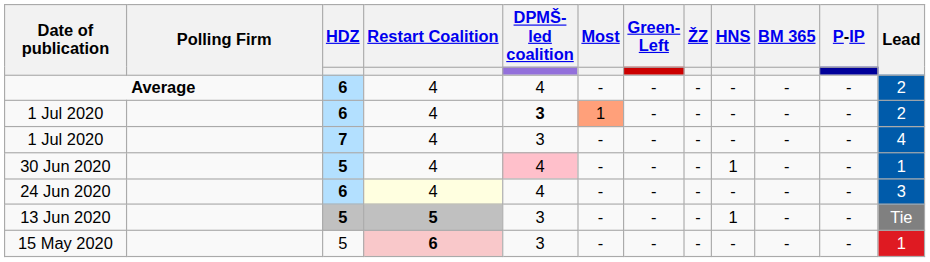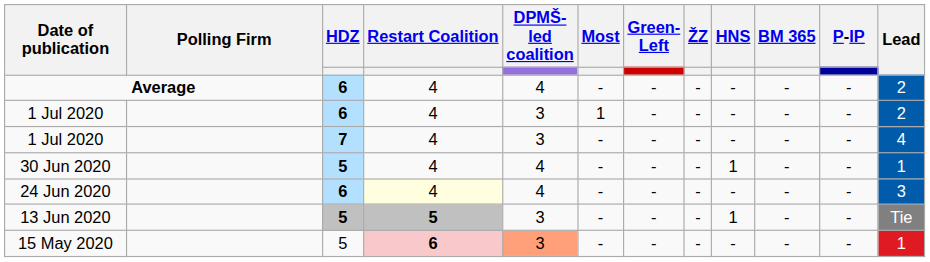 <table class="wikitable sortable" style="text-align:center; font-size:90%; line-height:16px;">
 <tr style="height:42px;">
 <th style="width:100px;" rowspan="2">Date of publication</th>
 <th style="width:165px;" rowspan="2">Polling Firm</th>
 <th class="unsortable"><a href='#'>HDZ</a></th>
 <th class="unsortable"><a href='#'>Restart Coalition</a></th>
 <th class="unsortable"><a href='#'>DPMŠ-led coalition</a></th>
 <th class="unsortable"><a href='#'>Most</a></th>
 <th class="unsortable"><a href='#'>Green-Left</a></th>
 <th class="unsortable"><a href='#'>ŽZ</a></th>
 <th class="unsortable"><a href='#'>HNS</a></th>
 <th class="unsortable"><a href='#'>BM 365</a></th>
 <th class="unsortable"><a href='#'>P</a>-<a href='#'>IP</a></th>
 <th class="unsortable" style="width:20px;" rowspan="2">Lead</th>
 </tr>
 <tr>
 <th class="unsortable" style="color:inherit;background:"></th>
 <th class="unsortable" style="color:inherit;background:"></th>
 <th class="unsortable" style="color:inherit;background:#9370db; width:45px;"></th>
 <th class="unsortable" style="color:inherit;background:"></th>
 <th class="unsortable" style="background:#cc0000" width="45px"></th>
 <th class="unsortable" style="color:inherit;background:"></th>
 <th class="unsortable" style="color:inherit;background:"></th>
 <th class="unsortable" style="color:inherit;background:"></th>
 <th class="unsortable" style="color:inherit;background:#00009a; width:45px;"></th>
 </tr>
 <tr>
 <td colspan="2"><strong>Average</strong></td>
 <td style="background:#B3E0FF"><strong>6</strong></td>
 <td>4</td>
 <td>4</td>
 <td>-</td>
 <td>-</td>
 <td>-</td>
 <td>-</td>
 <td>-</td>
 <td>-</td>
 <td style="background:#005BAA; color:white;">2</td>
 </tr>
 <tr>
 <td>1 Jul 2020</td>
 <td></td>
 <td style="background:#B3E0FF"><strong>6</strong></td>
 <td>4</td>
-<td><strong>3</strong></td>
-<td style="background: lightsalmon;">1</td>
+<td>3</td>
+<td>1</td>
 <td>-</td>
 <td>-</td>
 <td>-</td>
 <td>-</td>
 <td>-</td>
 <td style="background:#005BAA; color:white;">2</td>
 </tr>
 <tr>
 <td>1 Jul 2020</td>
 <td></td>
 <td style="background:#B3E0FF"><strong>7</strong></td>
 <td>4</td>
 <td>3</td>
 <td>-</td>
 <td>-</td>
 <td>-</td>
 <td>-</td>
 <td>-</td>
 <td>-</td>
 <td style="background:#005BAA; color:white;">4</td>
 </tr>
 <tr>
 <td>30 Jun 2020</td>
 <td></td>
 <td style="background:#B3E0FF"><strong>5</strong></td>
 <td>4</td>
-<td style="background: pink;">4</td>
+<td>4</td>
 <td>-</td>
 <td>-</td>
 <td>-</td>
 <td>1</td>
 <td>-</td>
 <td>-</td>
 <td style="background:#005BAA; color:white;">1</td>
 </tr>
 <tr>
 <td>24 Jun 2020</td>
 <td></td>
 <td style="background:#B3E0FF"><strong>6</strong></td>
 <td style="background: lightyellow;">4</td>
 <td>4</td>
 <td>-</td>
 <td>-</td>
 <td>-</td>
 <td>-</td>
 <td>-</td>
 <td>-</td>
 <td style="background:#005BAA; color:white;">3</td>
 </tr>
 <tr>
 <td>13 Jun 2020</td>
 <td></td>
 <td style="background:#C0C0C0"><strong>5</strong></td>
 <td style="background:#C0C0C0"><strong>5</strong></td>
 <td>3</td>
 <td>-</td>
 <td>-</td>
 <td>-</td>
 <td>1</td>
 <td>-</td>
 <td>-</td>
 <td style="background:#808080; color:white;">Tie</td>
 </tr>
 <tr>
 <td>15 May 2020</td>
 <td></td>
 <td>5</td>
 <td style="background:#F9C8CA"><strong>6</strong></td>
-<td>3</td>
+<td style="background: lightsalmon;">3</td>
 <td>-</td>
 <td>-</td>
 <td>-</td>
 <td>-</td>
 <td>-</td>
 <td>-</td>
 <td style="background:#DF1A22; color:white;">1</td>
 </tr>
 </table>
